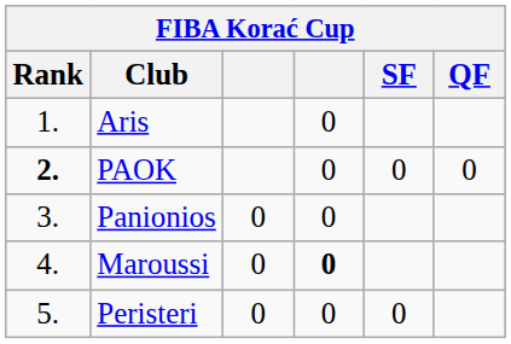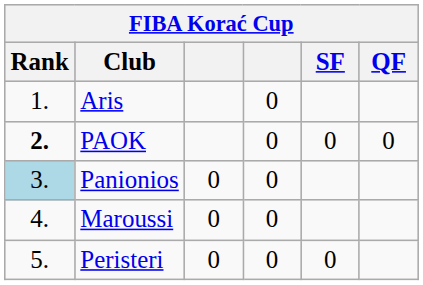 <table class="wikitable" style="text-align:center">
 <tr style="font-size:90%">
 <th colspan=6><a href='#'>FIBA Korać Cup</a></th>
 </tr>
 <tr>
 <th>Rank</th>
 <th width=30>Club</th>
 <th width=30></th>
 <th width="30"></th>
 <th width=30><a href='#'>SF</a></th>
 <th width=30><a href='#'>QF</a></th>
 </tr>
 <tr>
 <td>1.</td>
 <td align=left><a href='#'>Aris</a></td>
 <td></td>
 <td>0</td>
 <td></td>
 <td></td>
 </tr>
 <tr>
 <td><strong>2.</strong></td>
 <td align=left><a href='#'>PAOK</a></td>
 <td></td>
 <td>0</td>
 <td>0</td>
 <td>0</td>
 </tr>
 <tr>
-<td>3.</td>
+<td style="background: lightblue;">3.</td>
 <td align=left><a href='#'>Panionios</a></td>
 <td>0</td>
 <td>0</td>
 <td></td>
 <td></td>
 </tr>
 <tr>
 <td>4.</td>
 <td align=left><a href='#'>Maroussi</a></td>
 <td>0</td>
-<td><strong>0</strong></td>
+<td>0</td>
 <td></td>
 <td></td>
 </tr>
 <tr>
 <td>5.</td>
 <td align=left><a href='#'>Peristeri</a></td>
 <td>0</td>
 <td>0</td>
 <td>0</td>
 <td></td>
 </tr>
 </table>
